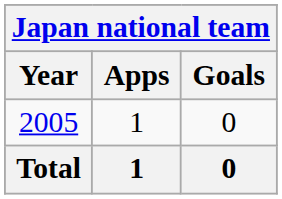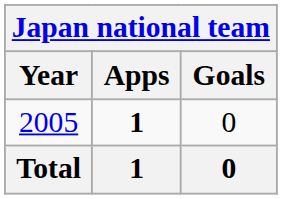 <table class="wikitable" style="text-align:center">
 <tr>
 <th colspan=3><a href='#'>Japan national team</a></th>
 </tr>
 <tr>
 <th>Year</th>
 <th>Apps</th>
 <th>Goals</th>
 </tr>
 <tr>
 <td><a href='#'>2005</a></td>
-<td>1</td>
+<td><strong>1</strong></td>
 <td>0</td>
 </tr>
 <tr>
 <th>Total</th>
 <th>1</th>
 <th>0</th>
 </tr>
 </table>
